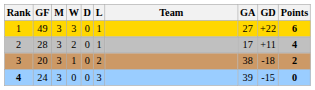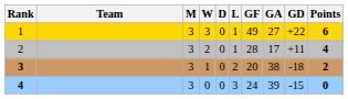 <table class="wikitable sortable" style="text-align:center">
 <tr>
 <th>Rank</th>
-<th>GF</th>
+<th width=200>Team</th>
 <th>M</th>
 <th>W</th>
 <th>D</th>
 <th>L</th>
-<th width=200>Team</th>
+<th>GF</th>
 <th>GA</th>
 <th>GD</th>
 <th>Points</th>
 </tr>
 <tr bgcolor=gold>
 <td>1</td>
-<td>49</td>
+<td align=left></td>
 <td>3</td>
 <td>3</td>
 <td>0</td>
 <td>1</td>
-<td align=left></td>
+<td>49</td>
 <td>27</td>
 <td>+22</td>
 <td><strong>6</strong></td>
 </tr>
 <tr bgcolor=silver>
 <td>2</td>
-<td>28</td>
+<td align=left></td>
 <td>3</td>
 <td>2</td>
 <td>0</td>
 <td>1</td>
-<td align=left></td>
+<td>28</td>
 <td>17</td>
 <td>+11</td>
 <td><strong>4</strong></td>
 </tr>
 <tr bgcolor=#cc9966>
-<td>3</td>
-<td>20</td>
+<td><strong>3</strong></td>
+<td align=left></td>
 <td>3</td>
 <td>1</td>
 <td>0</td>
 <td>2</td>
-<td align=left></td>
+<td>20</td>
 <td>38</td>
 <td>-18</td>
 <td><strong>2</strong></td>
 </tr>
 <tr bgcolor=#9acdff>
 <td><strong>4</strong></td>
-<td>24</td>
+<td align=left></td>
 <td>3</td>
 <td>0</td>
 <td>0</td>
 <td>3</td>
-<td align=left></td>
+<td>24</td>
 <td>39</td>
 <td>-15</td>
 <td><strong>0</strong></td>
 </tr>
 </table>
